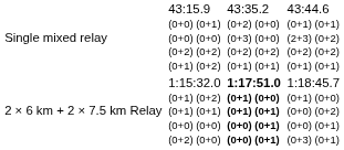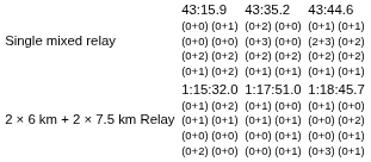 <table>
 <tr>
 <td>Single mixed relay<br><em></em></td>
 <td></td>
 <td>43:15.9<br><small>(0+0) (0+1)<br>(0+0) (0+0)<br>(0+2) (0+2)<br>(0+1) (0+2)</small></td>
 <td></td>
 <td>43:35.2<br><small>(0+2) (0+0)<br>(0+3) (0+0)<br>(0+2) (0+2)<br>(0+1) (0+1)</small></td>
 <td></td>
 <td>43:44.6<br><small>(0+1) (0+1)<br>(2+3) (0+2)<br>(0+2) (0+2)<br>(0+1) (0+1)</small></td>
 </tr>
 <tr>
 <td>2 × 6 km + 2 × 7.5 km Relay<br><em></em></td>
 <td></td>
 <td>1:15:32.0<br><small>(0+1) (0+2)<br>(0+1) (0+1)<br>(0+0) (0+0)<br>(0+2) (0+0)</small></td>
 <td></td>
-<td><strong>1:17:51.0<br><small>(0+1) (0+0)<br>(0+1) (0+1)<br>(0+0) (0+1)<br>(0+0) (0+1)</small></strong></td>
+<td>1:17:51.0<br><small>(0+1) (0+0)<br>(0+1) (0+1)<br>(0+0) (0+1)<br>(0+0) (0+1)</small></td>
 <td></td>
 <td>1:18:45.7<br><small>(0+1) (0+0)<br>(0+0) (0+2)<br>(0+0) (0+1)<br>(0+3) (0+1)</small></td>
 </tr>
 </table>
